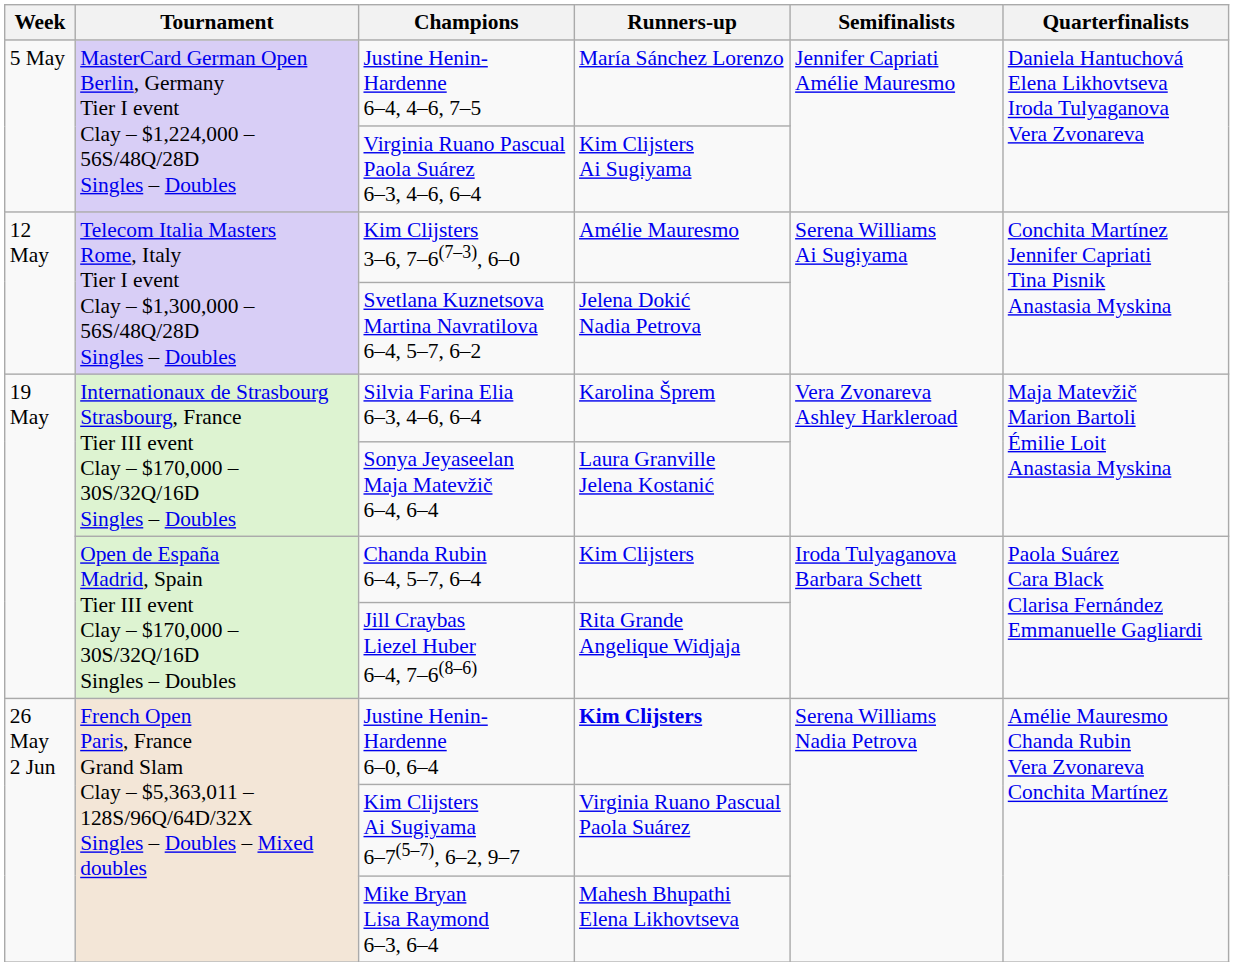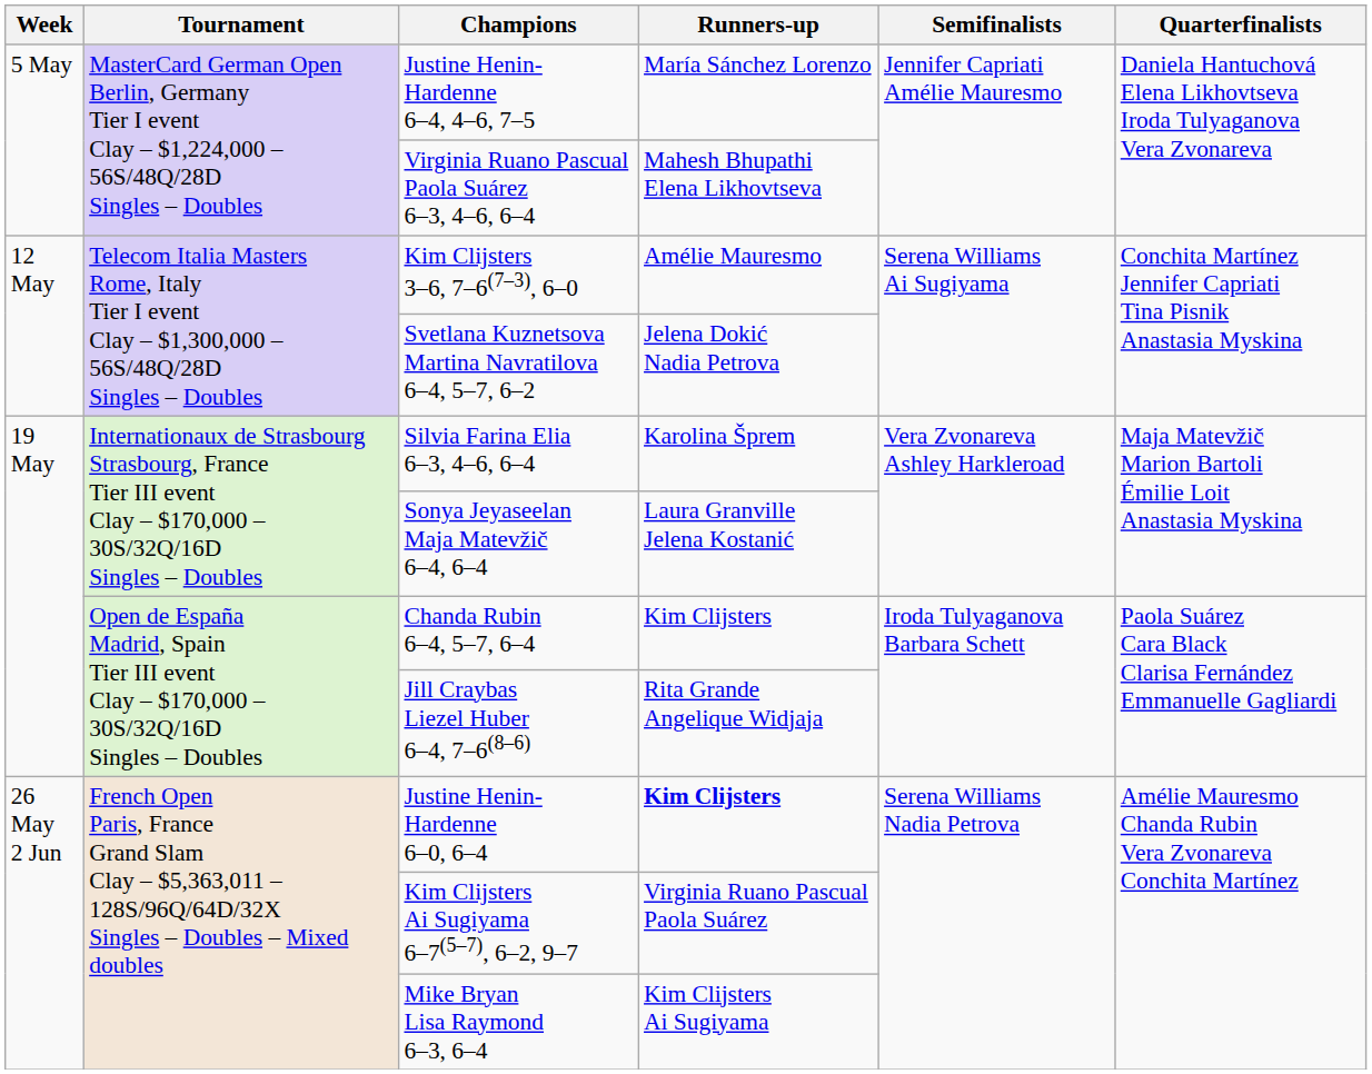 <table class=wikitable style=font-size:95%>
 <tr>
 <th style="width:48px;">Week</th>
 <th style="width:248px;">Tournament</th>
 <th style="width:200px;">Champions</th>
 <th style="width:200px;">Runners-up</th>
 <th style="width:190px;">Semifinalists</th>
 <th style="width:190px;">Quarterfinalists</th>
 </tr>
 <tr valign="top">
 <td rowspan=2>5 May</td>
 <td rowspan=2 bgcolor=#d8cef6><a href='#'>MasterCard German Open</a><br> <a href='#'>Berlin</a>, Germany <br>Tier I event <br> Clay – $1,224,000 – 56S/48Q/28D<br><a href='#'>Singles</a> – <a href='#'>Doubles</a></td>
 <td> <a href='#'>Justine Henin-Hardenne</a> <br> 6–4, 4–6, 7–5</td>
 <td> <a href='#'>María Sánchez Lorenzo</a></td>
 <td rowspan=2> <a href='#'>Jennifer Capriati</a><br> <a href='#'>Amélie Mauresmo</a></td>
 <td rowspan=2> <a href='#'>Daniela Hantuchová</a>  <br>  <a href='#'>Elena Likhovtseva</a> <br> <a href='#'>Iroda Tulyaganova</a><br>   <a href='#'>Vera Zvonareva</a></td>
 </tr>
 <tr valign="top">
 <td> <a href='#'>Virginia Ruano Pascual</a> <br>  <a href='#'>Paola Suárez</a><br>6–3, 4–6, 6–4</td>
-<td> <a href='#'>Kim Clijsters</a> <br>  <a href='#'>Ai Sugiyama</a></td>
+<td> <a href='#'>Mahesh Bhupathi</a> <br>  <a href='#'>Elena Likhovtseva</a></td>
 </tr>
 <tr valign="top">
 <td rowspan=2>12 May</td>
 <td rowspan=2 bgcolor=#d8cef6><a href='#'>Telecom Italia Masters</a><br> <a href='#'>Rome</a>, Italy <br>Tier I event <br> Clay – $1,300,000 – 56S/48Q/28D<br><a href='#'>Singles</a> – <a href='#'>Doubles</a></td>
 <td> <a href='#'>Kim Clijsters</a> <br> 3–6, 7–6<sup>(7–3)</sup>, 6–0</td>
 <td> <a href='#'>Amélie Mauresmo</a></td>
 <td rowspan=2> <a href='#'>Serena Williams</a><br> <a href='#'>Ai Sugiyama</a></td>
 <td rowspan=2> <a href='#'>Conchita Martínez</a>  <br>  <a href='#'>Jennifer Capriati</a> <br> <a href='#'>Tina Pisnik</a><br>   <a href='#'>Anastasia Myskina</a></td>
 </tr>
 <tr valign="top">
 <td> <a href='#'>Svetlana Kuznetsova</a> <br>  <a href='#'>Martina Navratilova</a><br>6–4, 5–7, 6–2</td>
 <td> <a href='#'>Jelena Dokić</a> <br>  <a href='#'>Nadia Petrova</a></td>
 </tr>
 <tr valign="top">
 <td rowspan=4>19 May</td>
 <td rowspan=2 bgcolor=#DDF3D1><a href='#'>Internationaux de Strasbourg</a><br> <a href='#'>Strasbourg</a>, France <br>Tier III event <br> Clay – $170,000 – 30S/32Q/16D<br><a href='#'>Singles</a> – <a href='#'>Doubles</a></td>
 <td> <a href='#'>Silvia Farina Elia</a> <br> 6–3, 4–6, 6–4</td>
 <td> <a href='#'>Karolina Šprem</a></td>
 <td rowspan=2> <a href='#'>Vera Zvonareva</a><br> <a href='#'>Ashley Harkleroad</a></td>
 <td rowspan=2> <a href='#'>Maja Matevžič</a>  <br>  <a href='#'>Marion Bartoli</a> <br> <a href='#'>Émilie Loit</a><br>   <a href='#'>Anastasia Myskina</a></td>
 </tr>
 <tr valign="top">
 <td> <a href='#'>Sonya Jeyaseelan</a> <br>  <a href='#'>Maja Matevžič</a><br>6–4, 6–4</td>
 <td> <a href='#'>Laura Granville</a> <br>  <a href='#'>Jelena Kostanić</a></td>
 </tr>
 <tr valign="top">
 <td rowspan=2 bgcolor=#DDF3D1><a href='#'>Open de España</a><br> <a href='#'>Madrid</a>, Spain <br>Tier III event <br> Clay – $170,000 – 30S/32Q/16D<br>Singles – Doubles</td>
 <td> <a href='#'>Chanda Rubin</a> <br> 6–4, 5–7, 6–4</td>
 <td> <a href='#'>Kim Clijsters</a></td>
 <td rowspan=2> <a href='#'>Iroda Tulyaganova</a><br> <a href='#'>Barbara Schett</a></td>
 <td rowspan=2> <a href='#'>Paola Suárez</a>  <br>  <a href='#'>Cara Black</a> <br> <a href='#'>Clarisa Fernández</a><br>   <a href='#'>Emmanuelle Gagliardi</a></td>
 </tr>
 <tr valign="top">
 <td> <a href='#'>Jill Craybas</a> <br>  <a href='#'>Liezel Huber</a><br>6–4, 7–6<sup>(8–6)</sup></td>
 <td> <a href='#'>Rita Grande</a> <br>  <a href='#'>Angelique Widjaja</a></td>
 </tr>
 <tr valign="top">
 <td rowspan=3>26 May<br>2 Jun</td>
 <td rowspan=3 bgcolor=#F3E6D7><a href='#'>French Open</a><br> <a href='#'>Paris</a>, France <br>Grand Slam<br>Clay – $5,363,011 – 128S/96Q/64D/32X<br><a href='#'>Singles</a> – <a href='#'>Doubles</a> – <a href='#'>Mixed doubles</a></td>
 <td> <a href='#'>Justine Henin-Hardenne</a> <br> 6–0, 6–4</td>
 <td><strong> <a href='#'>Kim Clijsters</a></strong></td>
 <td rowspan=3> <a href='#'>Serena Williams</a><br> <a href='#'>Nadia Petrova</a></td>
 <td rowspan=3> <a href='#'>Amélie Mauresmo</a>  <br>  <a href='#'>Chanda Rubin</a> <br> <a href='#'>Vera Zvonareva</a><br>   <a href='#'>Conchita Martínez</a></td>
 </tr>
 <tr valign="top">
 <td> <a href='#'>Kim Clijsters</a> <br>  <a href='#'>Ai Sugiyama</a><br>6–7<sup>(5–7)</sup>, 6–2, 9–7</td>
 <td> <a href='#'>Virginia Ruano Pascual</a> <br>  <a href='#'>Paola Suárez</a></td>
 </tr>
 <tr valign="top">
 <td> <a href='#'>Mike Bryan</a> <br>  <a href='#'>Lisa Raymond</a><br>6–3, 6–4</td>
-<td> <a href='#'>Mahesh Bhupathi</a> <br>  <a href='#'>Elena Likhovtseva</a></td>
+<td> <a href='#'>Kim Clijsters</a> <br>  <a href='#'>Ai Sugiyama</a></td>
 </tr>
 </table>
